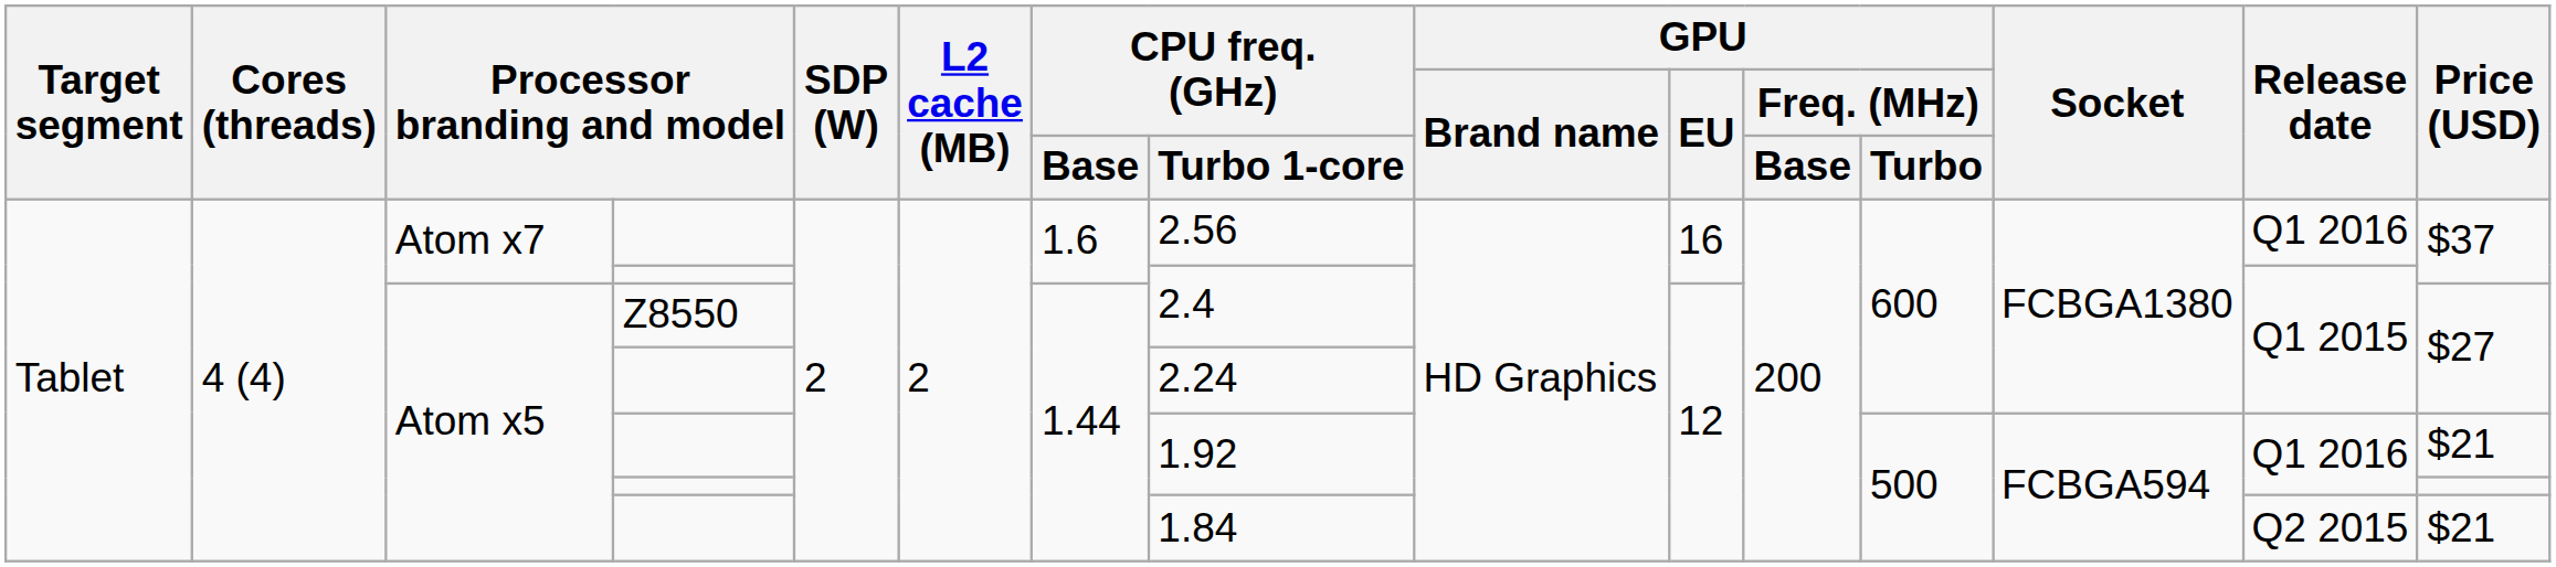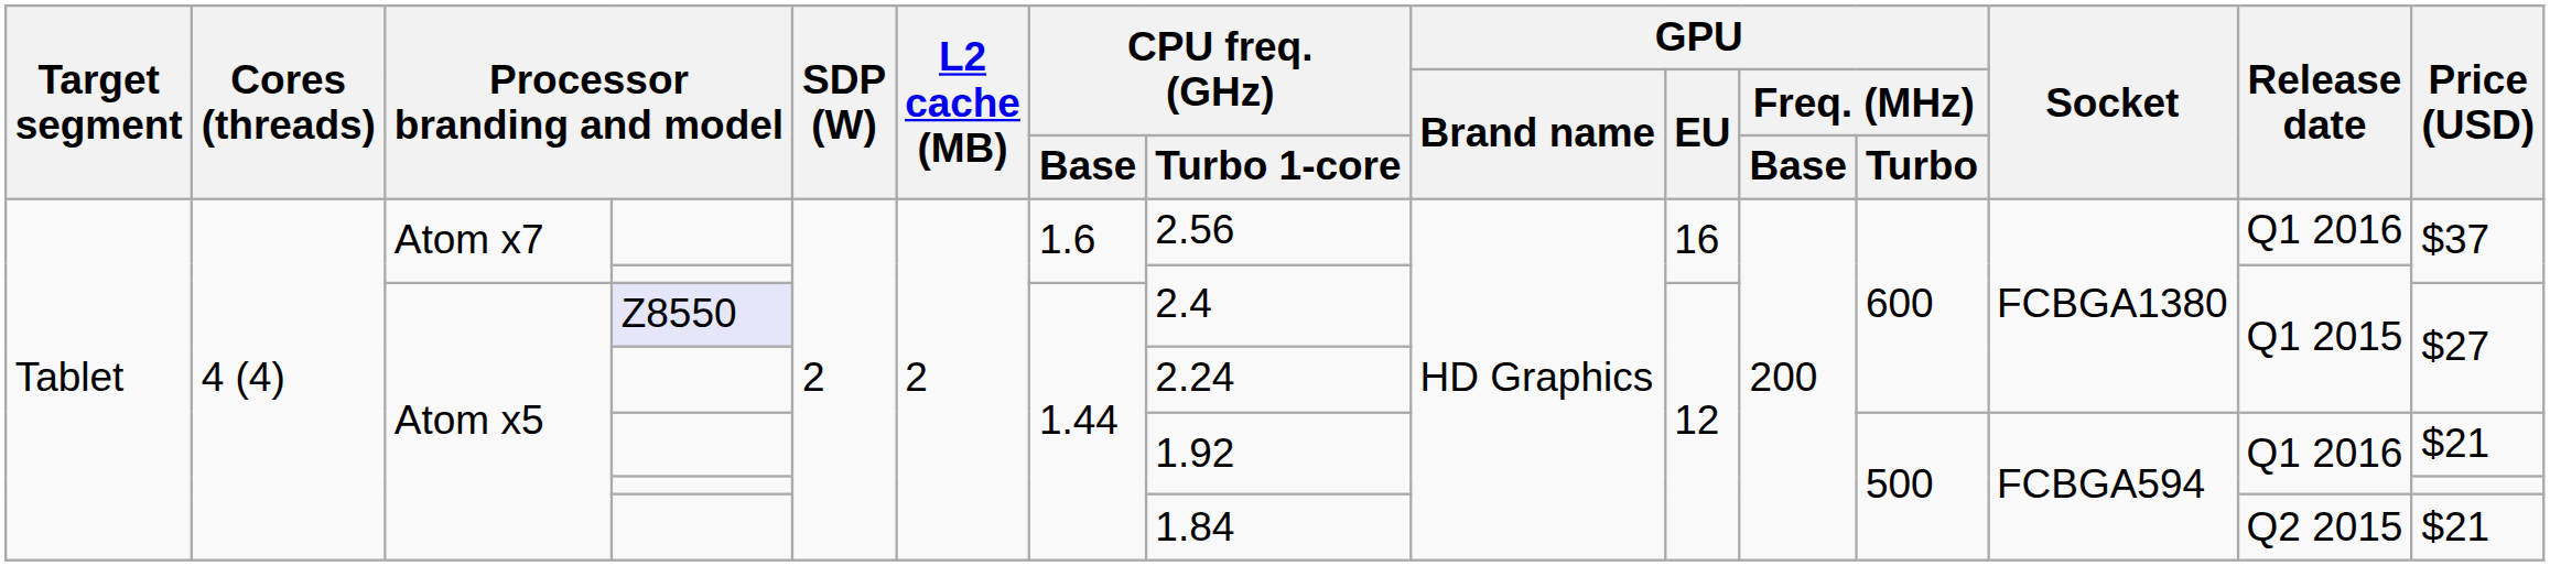 <table class="wikitable">
 <tr>
 <th rowspan="3">Target<br>segment</th>
 <th rowspan="3">Cores<br>(threads)</th>
 <th colspan="2" rowspan="3">Processor<br>branding and model</th>
 <th rowspan="3">SDP<br>(W)</th>
 <th rowspan="3"><a href='#'>L2<br>cache</a><br>(MB)</th>
 <th colspan="2" rowspan="2">CPU freq.<br>(GHz)</th>
 <th colspan="4">GPU</th>
 <th rowspan="3">Socket</th>
 <th rowspan="3">Release<br>date</th>
 <th rowspan="3">Price<br>(USD)</th>
 </tr>
 <tr>
 <th rowspan="2">Brand name</th>
 <th rowspan="2">EU</th>
 <th colspan="2">Freq. (MHz)</th>
 </tr>
 <tr>
 <th>Base</th>
 <th>Turbo 1-core</th>
 <th>Base</th>
 <th>Turbo</th>
 </tr>
 <tr>
 <td rowspan="7">Tablet</td>
 <td rowspan="7">4 (4)</td>
 <td rowspan="2">Atom x7</td>
 <td></td>
 <td rowspan="7">2</td>
 <td rowspan="7">2</td>
 <td rowspan="2">1.6</td>
 <td>2.56</td>
 <td rowspan="7">HD Graphics</td>
 <td rowspan="2">16</td>
 <td rowspan="7">200</td>
 <td rowspan="4">600</td>
 <td rowspan="4">FCBGA1380</td>
 <td>Q1 2016</td>
 <td rowspan="2">$37</td>
 </tr>
 <tr>
 <td></td>
 <td rowspan="2">2.4</td>
 <td rowspan="3">Q1 2015</td>
 </tr>
 <tr>
 <td rowspan="5">Atom x5</td>
-<td>Z8550</td>
+<td style="background: lavender;">Z8550</td>
 <td rowspan="5">1.44</td>
 <td rowspan="5">12</td>
 <td rowspan="2">$27</td>
 </tr>
 <tr>
 <td></td>
 <td rowspan="1">2.24</td>
 </tr>
 <tr>
 <td></td>
 <td rowspan="2">1.92</td>
 <td rowspan="3">500</td>
 <td rowspan="3">FCBGA594</td>
 <td rowspan="2">Q1 2016</td>
 <td>$21</td>
 </tr>
 <tr>
 <td></td>
 <td></td>
 </tr>
 <tr>
 <td></td>
 <td rowspan="1">1.84</td>
 <td rowspan="1">Q2 2015</td>
 <td rowspan="1">$21</td>
 </tr>
 </table>
